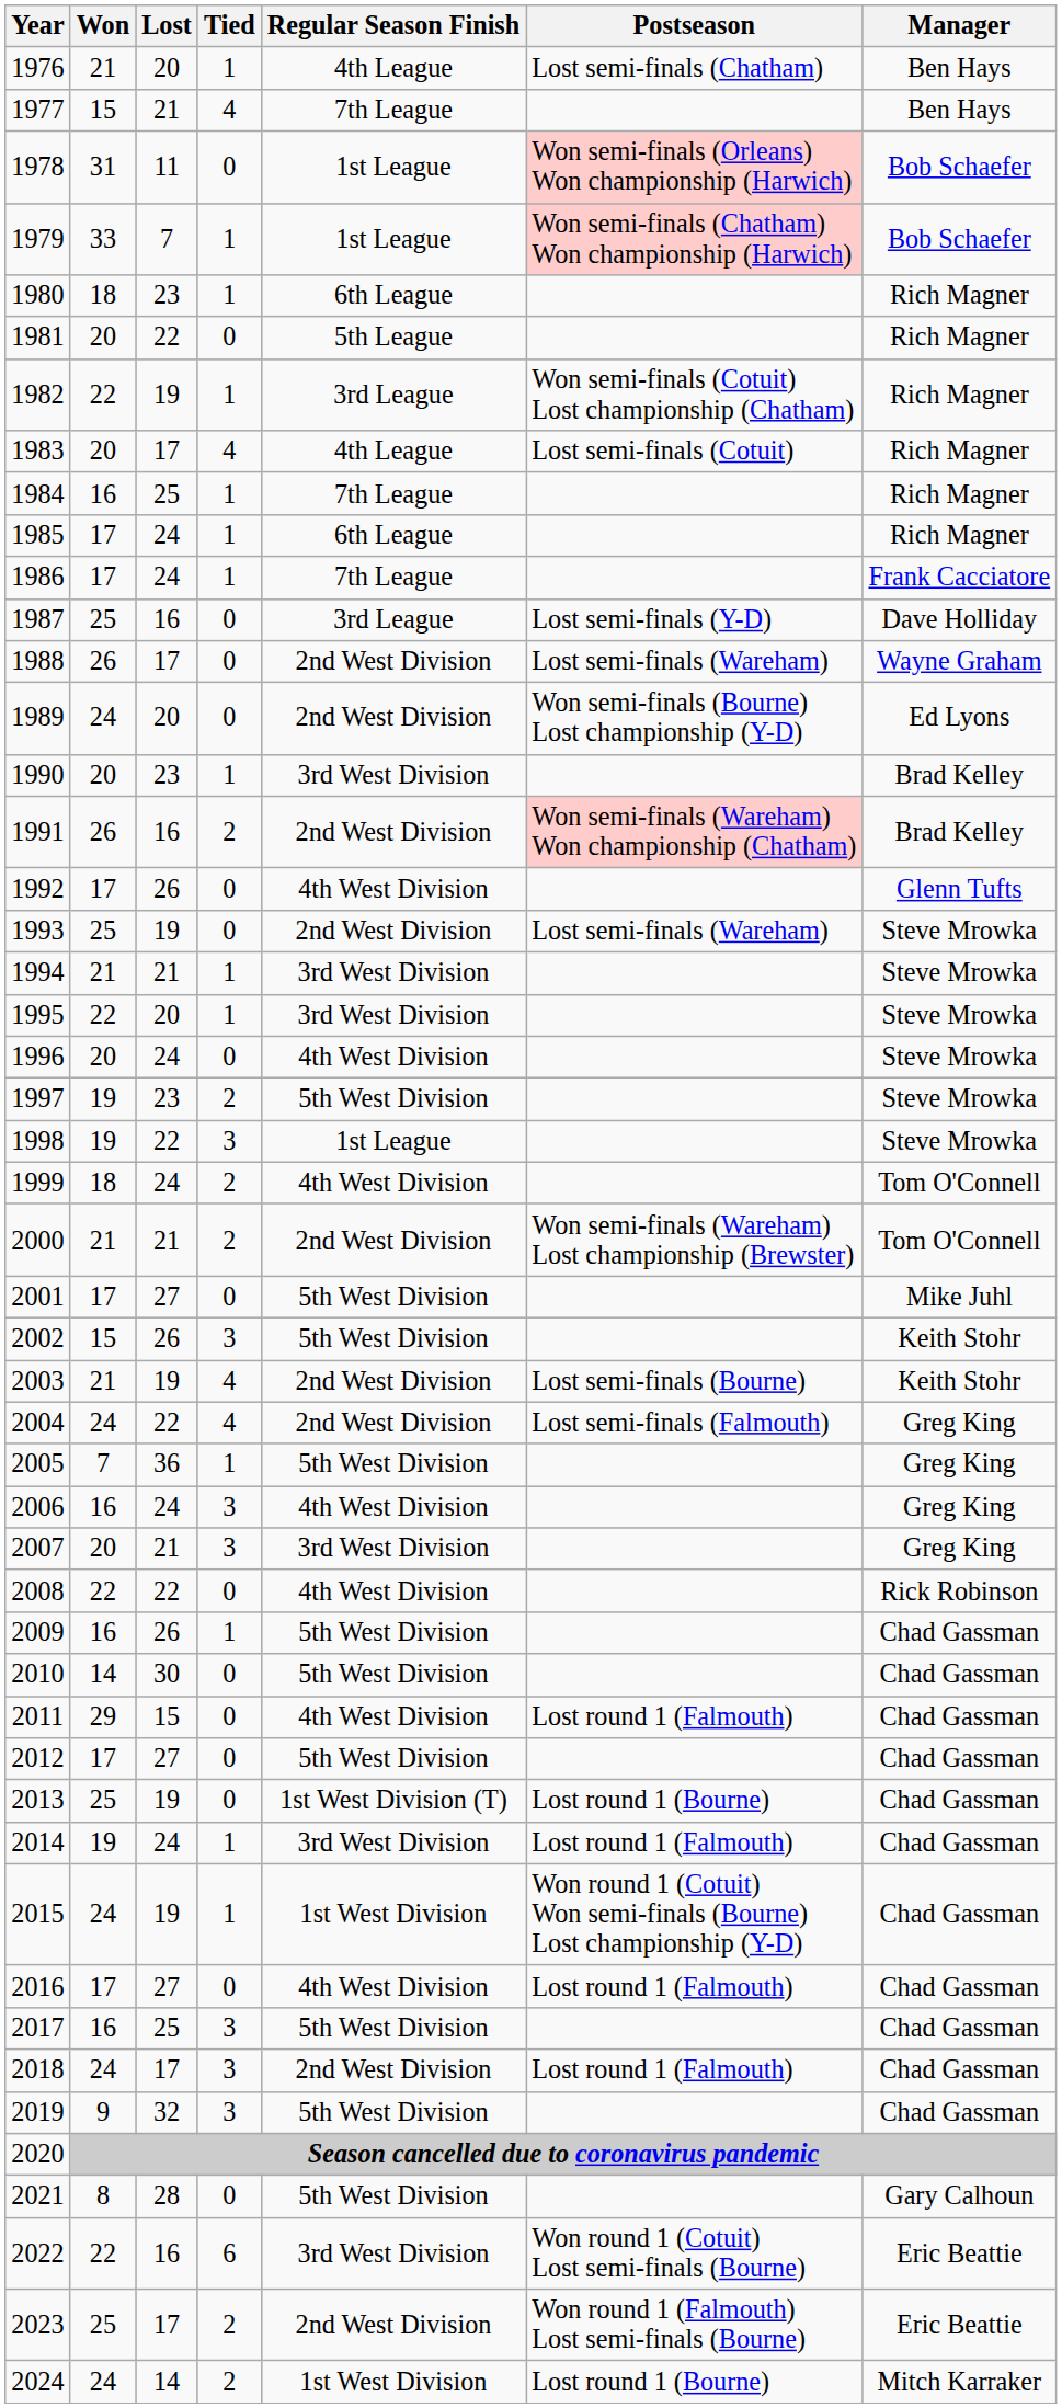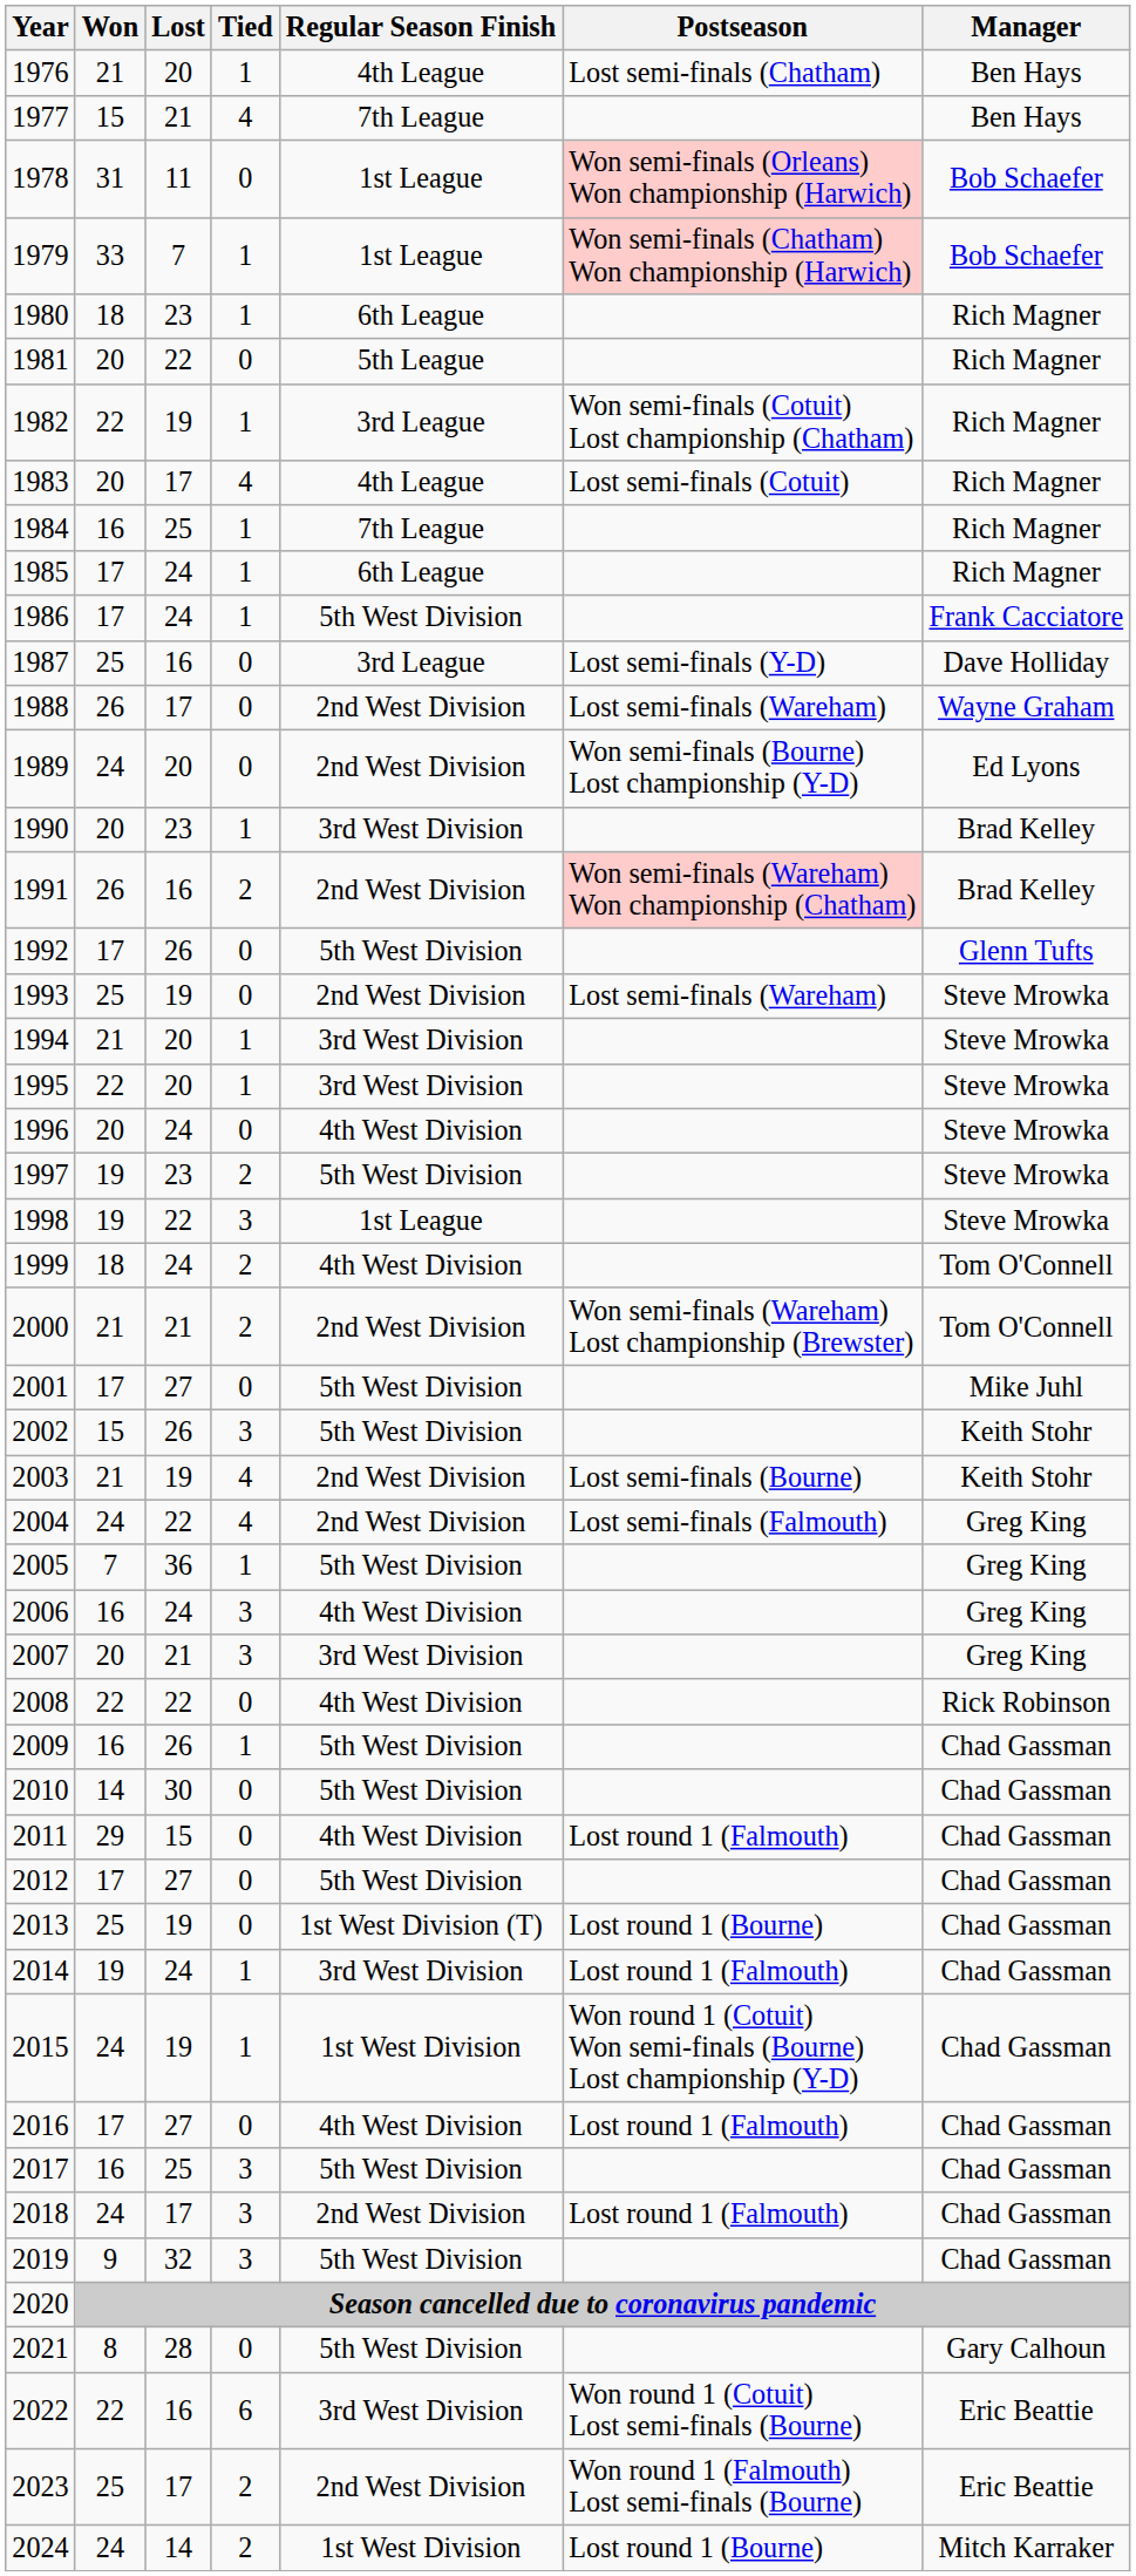 <table class="wikitable" style="text-align:center">
 <tr>
 <th>Year</th>
 <th>Won</th>
 <th>Lost</th>
 <th>Tied</th>
 <th>Regular Season Finish</th>
 <th>Postseason</th>
 <th>Manager</th>
 </tr>
 <tr>
 <td>1976</td>
 <td>21</td>
 <td>20</td>
 <td>1</td>
 <td>4th League</td>
 <td style="text-align:left">Lost semi-finals (<a href='#'>Chatham</a>)</td>
 <td>Ben Hays</td>
 </tr>
 <tr>
 <td>1977</td>
 <td>15</td>
 <td>21</td>
 <td>4</td>
 <td>7th League</td>
 <td></td>
 <td>Ben Hays</td>
 </tr>
 <tr>
 <td>1978</td>
 <td>31</td>
 <td>11</td>
 <td>0</td>
 <td>1st League</td>
 <td style="text-align:left" bgcolor=#ffcccc>Won semi-finals (<a href='#'>Orleans</a>)<br>Won championship (<a href='#'>Harwich</a>)</td>
 <td><a href='#'>Bob Schaefer</a></td>
 </tr>
 <tr>
 <td>1979</td>
 <td>33</td>
 <td>7</td>
 <td>1</td>
 <td>1st League</td>
 <td style="text-align:left" bgcolor=#ffcccc>Won semi-finals (<a href='#'>Chatham</a>)<br>Won championship (<a href='#'>Harwich</a>)</td>
 <td><a href='#'>Bob Schaefer</a></td>
 </tr>
 <tr>
 <td>1980</td>
 <td>18</td>
 <td>23</td>
 <td>1</td>
 <td>6th League</td>
 <td></td>
 <td>Rich Magner</td>
 </tr>
 <tr>
 <td>1981</td>
 <td>20</td>
 <td>22</td>
 <td>0</td>
 <td>5th League</td>
 <td></td>
 <td>Rich Magner</td>
 </tr>
 <tr>
 <td>1982</td>
 <td>22</td>
 <td>19</td>
 <td>1</td>
 <td>3rd League</td>
 <td style="text-align:left">Won semi-finals (<a href='#'>Cotuit</a>)<br>Lost championship (<a href='#'>Chatham</a>)</td>
 <td>Rich Magner</td>
 </tr>
 <tr>
 <td>1983</td>
 <td>20</td>
 <td>17</td>
 <td>4</td>
 <td>4th League</td>
 <td style="text-align:left">Lost semi-finals (<a href='#'>Cotuit</a>)</td>
 <td>Rich Magner</td>
 </tr>
 <tr>
 <td>1984</td>
 <td>16</td>
 <td>25</td>
 <td>1</td>
 <td>7th League</td>
 <td></td>
 <td>Rich Magner</td>
 </tr>
 <tr>
 <td>1985</td>
 <td>17</td>
 <td>24</td>
 <td>1</td>
 <td>6th League</td>
 <td></td>
 <td>Rich Magner</td>
 </tr>
 <tr>
 <td>1986</td>
 <td>17</td>
 <td>24</td>
 <td>1</td>
-<td>7th League</td>
+<td>5th West Division</td>
 <td></td>
 <td><a href='#'>Frank Cacciatore</a></td>
 </tr>
 <tr>
 <td>1987</td>
 <td>25</td>
 <td>16</td>
 <td>0</td>
 <td>3rd League</td>
 <td style="text-align:left">Lost semi-finals (<a href='#'>Y-D</a>)</td>
 <td>Dave Holliday</td>
 </tr>
 <tr>
 <td>1988</td>
 <td>26</td>
 <td>17</td>
 <td>0</td>
 <td>2nd West Division</td>
 <td style="text-align:left">Lost semi-finals (<a href='#'>Wareham</a>)</td>
 <td><a href='#'>Wayne Graham</a></td>
 </tr>
 <tr>
 <td>1989</td>
 <td>24</td>
 <td>20</td>
 <td>0</td>
 <td>2nd West Division</td>
 <td style="text-align:left">Won semi-finals (<a href='#'>Bourne</a>)<br>Lost championship (<a href='#'>Y-D</a>)</td>
 <td>Ed Lyons</td>
 </tr>
 <tr>
 <td>1990</td>
 <td>20</td>
 <td>23</td>
 <td>1</td>
 <td>3rd West Division</td>
 <td></td>
 <td>Brad Kelley</td>
 </tr>
 <tr>
 <td>1991</td>
 <td>26</td>
 <td>16</td>
 <td>2</td>
 <td>2nd West Division</td>
 <td style="text-align:left" bgcolor=#ffcccc>Won semi-finals (<a href='#'>Wareham</a>)<br>Won championship (<a href='#'>Chatham</a>)</td>
 <td>Brad Kelley</td>
 </tr>
 <tr>
 <td>1992</td>
 <td>17</td>
 <td>26</td>
 <td>0</td>
-<td>4th West Division</td>
+<td>5th West Division</td>
 <td></td>
 <td><a href='#'>Glenn Tufts</a></td>
 </tr>
 <tr>
 <td>1993</td>
 <td>25</td>
 <td>19</td>
 <td>0</td>
 <td>2nd West Division</td>
 <td style="text-align:left">Lost semi-finals (<a href='#'>Wareham</a>)</td>
 <td>Steve Mrowka</td>
 </tr>
 <tr>
 <td>1994</td>
 <td>21</td>
-<td>21</td>
+<td>20</td>
 <td>1</td>
 <td>3rd West Division</td>
 <td></td>
 <td>Steve Mrowka</td>
 </tr>
 <tr>
 <td>1995</td>
 <td>22</td>
 <td>20</td>
 <td>1</td>
 <td>3rd West Division</td>
 <td></td>
 <td>Steve Mrowka</td>
 </tr>
 <tr>
 <td>1996</td>
 <td>20</td>
 <td>24</td>
 <td>0</td>
 <td>4th West Division</td>
 <td></td>
 <td>Steve Mrowka</td>
 </tr>
 <tr>
 <td>1997</td>
 <td>19</td>
 <td>23</td>
 <td>2</td>
 <td>5th West Division</td>
 <td></td>
 <td>Steve Mrowka</td>
 </tr>
 <tr>
 <td>1998</td>
 <td>19</td>
 <td>22</td>
 <td>3</td>
 <td>1st League</td>
 <td></td>
 <td>Steve Mrowka</td>
 </tr>
 <tr>
 <td>1999</td>
 <td>18</td>
 <td>24</td>
 <td>2</td>
 <td>4th West Division</td>
 <td></td>
 <td>Tom O'Connell</td>
 </tr>
 <tr>
 <td>2000</td>
 <td>21</td>
 <td>21</td>
 <td>2</td>
 <td>2nd West Division</td>
 <td style="text-align:left">Won semi-finals (<a href='#'>Wareham</a>)<br>Lost championship (<a href='#'>Brewster</a>)</td>
 <td>Tom O'Connell</td>
 </tr>
 <tr>
 <td>2001</td>
 <td>17</td>
 <td>27</td>
 <td>0</td>
 <td>5th West Division</td>
 <td></td>
 <td>Mike Juhl</td>
 </tr>
 <tr>
 <td>2002</td>
 <td>15</td>
 <td>26</td>
 <td>3</td>
 <td>5th West Division</td>
 <td></td>
 <td>Keith Stohr</td>
 </tr>
 <tr>
 <td>2003</td>
 <td>21</td>
 <td>19</td>
 <td>4</td>
 <td>2nd West Division</td>
 <td style="text-align:left">Lost semi-finals (<a href='#'>Bourne</a>)</td>
 <td>Keith Stohr</td>
 </tr>
 <tr>
 <td>2004</td>
 <td>24</td>
 <td>22</td>
 <td>4</td>
 <td>2nd West Division</td>
 <td style="text-align:left">Lost semi-finals (<a href='#'>Falmouth</a>)</td>
 <td>Greg King</td>
 </tr>
 <tr>
 <td>2005</td>
 <td>7</td>
 <td>36</td>
 <td>1</td>
 <td>5th West Division</td>
 <td></td>
 <td>Greg King</td>
 </tr>
 <tr>
 <td>2006</td>
 <td>16</td>
 <td>24</td>
 <td>3</td>
 <td>4th West Division</td>
 <td></td>
 <td>Greg King</td>
 </tr>
 <tr>
 <td>2007</td>
 <td>20</td>
 <td>21</td>
 <td>3</td>
 <td>3rd West Division</td>
 <td></td>
 <td>Greg King</td>
 </tr>
 <tr>
 <td>2008</td>
 <td>22</td>
 <td>22</td>
 <td>0</td>
 <td>4th West Division</td>
 <td></td>
 <td>Rick Robinson</td>
 </tr>
 <tr>
 <td>2009</td>
 <td>16</td>
 <td>26</td>
 <td>1</td>
 <td>5th West Division</td>
 <td></td>
 <td>Chad Gassman</td>
 </tr>
 <tr>
 <td>2010</td>
 <td>14</td>
 <td>30</td>
 <td>0</td>
 <td>5th West Division</td>
 <td></td>
 <td>Chad Gassman</td>
 </tr>
 <tr>
 <td>2011</td>
 <td>29</td>
 <td>15</td>
 <td>0</td>
 <td>4th West Division</td>
 <td style="text-align:left">Lost round 1 (<a href='#'>Falmouth</a>)</td>
 <td>Chad Gassman</td>
 </tr>
 <tr>
 <td>2012</td>
 <td>17</td>
 <td>27</td>
 <td>0</td>
 <td>5th West Division</td>
 <td></td>
 <td>Chad Gassman</td>
 </tr>
 <tr>
 <td>2013</td>
 <td>25</td>
 <td>19</td>
 <td>0</td>
 <td>1st West Division (T)</td>
 <td style="text-align:left">Lost round 1 (<a href='#'>Bourne</a>)</td>
 <td>Chad Gassman</td>
 </tr>
 <tr>
 <td>2014</td>
 <td>19</td>
 <td>24</td>
 <td>1</td>
 <td>3rd West Division</td>
 <td style="text-align:left">Lost round 1 (<a href='#'>Falmouth</a>)</td>
 <td>Chad Gassman</td>
 </tr>
 <tr>
 <td>2015</td>
 <td>24</td>
 <td>19</td>
 <td>1</td>
 <td>1st West Division</td>
 <td style="text-align:left">Won round 1 (<a href='#'>Cotuit</a>)<br>Won semi-finals (<a href='#'>Bourne</a>)<br>Lost championship (<a href='#'>Y-D</a>)</td>
 <td>Chad Gassman</td>
 </tr>
 <tr>
 <td>2016</td>
 <td>17</td>
 <td>27</td>
 <td>0</td>
 <td>4th West Division</td>
 <td style="text-align:left">Lost round 1 (<a href='#'>Falmouth</a>)</td>
 <td>Chad Gassman</td>
 </tr>
 <tr>
 <td>2017</td>
 <td>16</td>
 <td>25</td>
 <td>3</td>
 <td>5th West Division</td>
 <td></td>
 <td>Chad Gassman</td>
 </tr>
 <tr>
 <td>2018</td>
 <td>24</td>
 <td>17</td>
 <td>3</td>
 <td>2nd West Division</td>
 <td style="text-align:left">Lost round 1 (<a href='#'>Falmouth</a>)</td>
 <td>Chad Gassman</td>
 </tr>
 <tr>
 <td>2019</td>
 <td>9</td>
 <td>32</td>
 <td>3</td>
 <td>5th West Division</td>
 <td></td>
 <td>Chad Gassman</td>
 </tr>
 <tr>
 <td>2020</td>
 <td colspan="6" align="center" bgcolor=#cccccc><strong><em>Season cancelled due to <a href='#'>coronavirus pandemic</a></em></strong></td>
 </tr>
 <tr>
 <td>2021</td>
 <td>8</td>
 <td>28</td>
 <td>0</td>
 <td>5th West Division</td>
 <td></td>
 <td>Gary Calhoun</td>
 </tr>
 <tr>
 <td>2022</td>
 <td>22</td>
 <td>16</td>
 <td>6</td>
 <td>3rd West Division</td>
 <td style="text-align:left">Won round 1 (<a href='#'>Cotuit</a>)<br>Lost semi-finals (<a href='#'>Bourne</a>)</td>
 <td>Eric Beattie</td>
 </tr>
 <tr>
 <td>2023</td>
 <td>25</td>
 <td>17</td>
 <td>2</td>
 <td>2nd West Division</td>
 <td style="text-align:left">Won round 1 (<a href='#'>Falmouth</a>)<br>Lost semi-finals (<a href='#'>Bourne</a>)</td>
 <td>Eric Beattie</td>
 </tr>
 <tr>
 <td>2024</td>
 <td>24</td>
 <td>14</td>
 <td>2</td>
 <td>1st West Division</td>
 <td style="text-align:left">Lost round 1 (<a href='#'>Bourne</a>)</td>
 <td>Mitch Karraker</td>
 </tr>
 <tr>
 </tr>
 </table>
